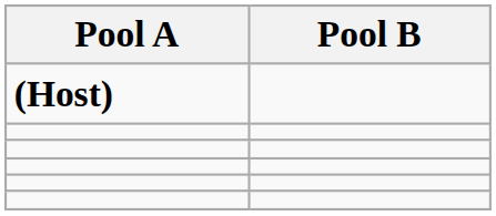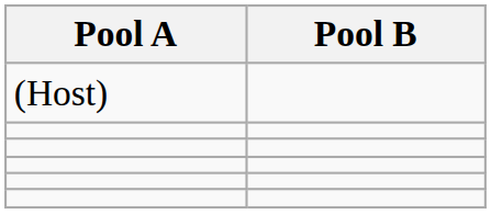 <table class="wikitable">
 <tr>
 <th width=25%>Pool A</th>
 <th width=25%>Pool B</th>
 </tr>
 <tr>
-<td><strong> (Host)</strong></td>
+<td> (Host)</td>
 <td></td>
 </tr>
 <tr>
 <td></td>
 <td></td>
 </tr>
 <tr>
 <td></td>
 <td></td>
 </tr>
 <tr>
 <td></td>
 <td></td>
 </tr>
 <tr>
 <td></td>
 <td></td>
 </tr>
 <tr>
 <td></td>
 <td></td>
 </tr>
 </table>
